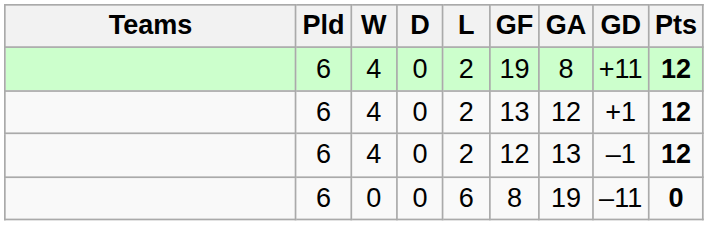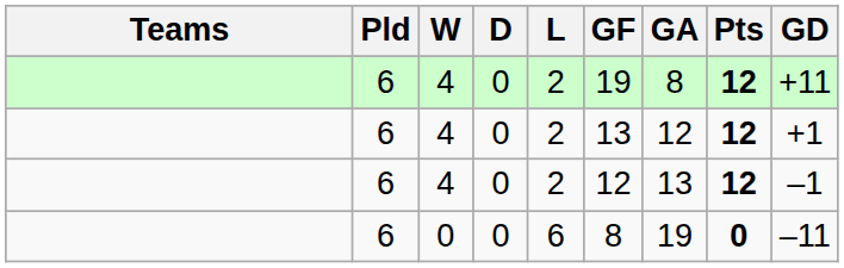 <table class="wikitable" style="text-align: center;">
 <tr>
 <th width=165>Teams</th>
 <th width=20>Pld</th>
 <th width=20>W</th>
 <th width=20>D</th>
 <th width=20>L</th>
 <th width=20>GF</th>
 <th width=20>GA</th>
+<th width=20>Pts</th>
 <th width=20>GD</th>
-<th width=20>Pts</th>
 </tr>
 <tr align=center style="background:#ccffcc;">
 <td style="text-align:left;"></td>
 <td>6</td>
 <td>4</td>
 <td>0</td>
 <td>2</td>
 <td>19</td>
 <td>8</td>
+<td><strong>12</strong></td>
 <td>+11</td>
-<td><strong>12</strong></td>
 </tr>
 <tr align=center>
 <td style="text-align:left;"></td>
 <td>6</td>
 <td>4</td>
 <td>0</td>
 <td>2</td>
 <td>13</td>
 <td>12</td>
+<td><strong>12</strong></td>
 <td>+1</td>
-<td><strong>12</strong></td>
 </tr>
 <tr align=center>
 <td style="text-align:left;"></td>
 <td>6</td>
 <td>4</td>
 <td>0</td>
 <td>2</td>
 <td>12</td>
 <td>13</td>
+<td><strong>12</strong></td>
 <td>–1</td>
-<td><strong>12</strong></td>
 </tr>
 <tr align=center>
 <td style="text-align:left;"></td>
 <td>6</td>
 <td>0</td>
 <td>0</td>
 <td>6</td>
 <td>8</td>
 <td>19</td>
+<td><strong>0</strong></td>
 <td>–11</td>
-<td><strong>0</strong></td>
 </tr>
 </table>
